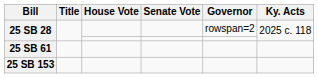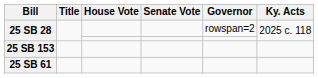 <table class="wikitable plainrowheaders">
 <tr>
 <th scope=col>Bill</th>
 <th scope=col>Title</th>
 <th scope=col>House Vote</th>
 <th scope=col>Senate Vote</th>
 <th scope=col>Governor</th>
 <th scope=col>Ky. Acts</th>
 </tr>
 <tr>
 <th rowspan=2>25 SB 28</th>
 <td rowspan=2></td>
 <td></td>
 <td></td>
 <td>rowspan=2 </td>
 <td rowspan=2>2025 c. 118</td>
 </tr>
 <tr>
 <td></td>
 <td></td>
 </tr>
 <tr>
+<th scope=row>25 SB 153</th>
+<td></td>
+<td></td>
+<td></td>
+<td></td>
+<td></td>
+</tr>
+<tr>
 <th scope=row>25 SB 61</th>
 <td></td>
 <td></td>
 <td></td>
 <td></td>
 <td></td>
 </tr>
-<tr>
-<th scope=row>25 SB 153</th>
-<td></td>
-<td></td>
-<td></td>
-<td></td>
-<td></td>
-</tr>
 </table>
